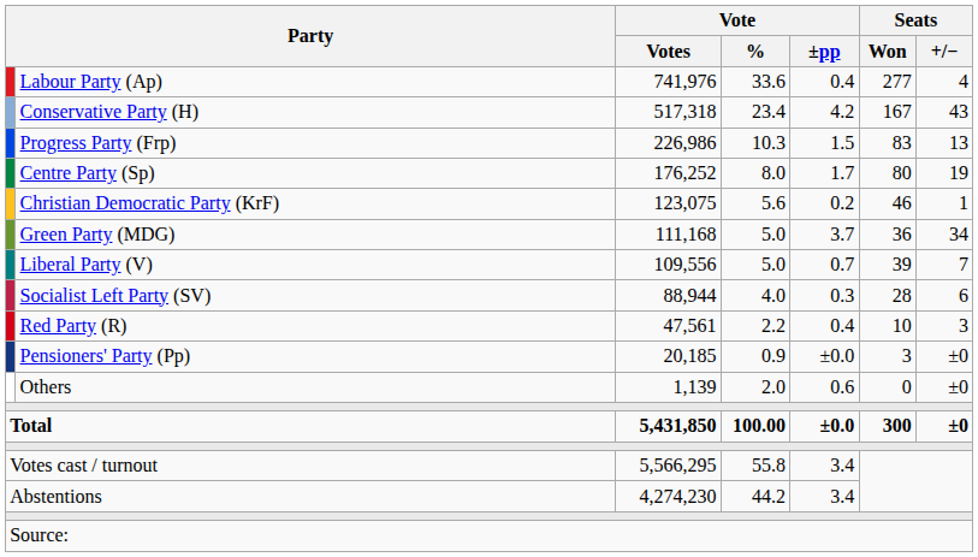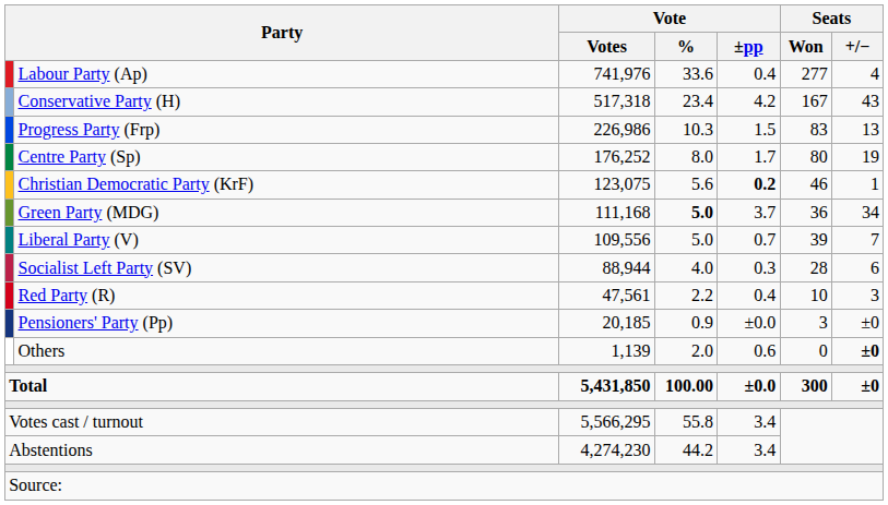 <table class="wikitable" style="text-align:right; font-size:100%;">
 <tr>
 <th align="left" rowspan="2" colspan="2" width="500">Party</th>
 <th colspan="3">Vote</th>
 <th colspan="2">Seats</th>
 </tr>
 <tr>
 <th width="80">Votes</th>
 <th width="50">%</th>
 <th width="50">±<a href='#'>pp</a></th>
 <th width="40">Won</th>
 <th width="40">+/−</th>
 </tr>
 <tr>
 <td width="1" style="color:inherit;background:#df1a22"></td>
 <td align="left"><a href='#'>Labour Party</a> (Ap)</td>
 <td>741,976</td>
 <td>33.6</td>
 <td>0.4</td>
 <td>277</td>
 <td>4</td>
 </tr>
 <tr>
 <td style="color:inherit;background:#87add7"></td>
 <td align="left"><a href='#'>Conservative Party</a> (H)</td>
 <td>517,318</td>
 <td>23.4</td>
 <td>4.2</td>
 <td>167</td>
 <td>43</td>
 </tr>
 <tr>
 <td style="color:inherit;background:#0047e0"></td>
 <td align="left"><a href='#'>Progress Party</a> (Frp)</td>
 <td>226,986</td>
 <td>10.3</td>
 <td>1.5</td>
 <td>83</td>
 <td>13</td>
 </tr>
 <tr>
 <td style="color:inherit;background:#008542"></td>
 <td align="left"><a href='#'>Centre Party</a> (Sp)</td>
 <td>176,252</td>
 <td>8.0</td>
 <td>1.7</td>
 <td>80</td>
 <td>19</td>
 </tr>
 <tr>
 <td style="color:inherit;background:#fec11e"></td>
 <td align="left"><a href='#'>Christian Democratic Party</a> (KrF)</td>
 <td>123,075</td>
 <td>5.6</td>
-<td>0.2</td>
+<td><strong>0.2</strong></td>
 <td>46</td>
 <td>1</td>
 </tr>
 <tr>
 <td style="color:inherit;background:#67962e"></td>
 <td align="left"><a href='#'>Green Party</a> (MDG)</td>
 <td>111,168</td>
-<td>5.0</td>
+<td><strong>5.0</strong></td>
 <td>3.7</td>
 <td>36</td>
 <td>34</td>
 </tr>
 <tr>
 <td style="color:inherit;background:#008080"></td>
 <td align="left"><a href='#'>Liberal Party</a> (V)</td>
 <td>109,556</td>
 <td>5.0</td>
 <td>0.7</td>
 <td>39</td>
 <td>7</td>
 </tr>
 <tr>
 <td style="color:inherit;background:#bc2149"></td>
 <td align="left"><a href='#'>Socialist Left Party</a> (SV)</td>
 <td>88,944</td>
 <td>4.0</td>
 <td>0.3</td>
 <td>28</td>
 <td>6</td>
 </tr>
 <tr>
 <td style="color:inherit;background:#d4001a"></td>
 <td align="left"><a href='#'>Red Party</a> (R)</td>
 <td>47,561</td>
 <td>2.2</td>
 <td>0.4</td>
 <td>10</td>
 <td>3</td>
 </tr>
 <tr>
 <td style="color:inherit;background:#15357e"></td>
 <td align="left"><a href='#'>Pensioners' Party</a> (Pp)</td>
 <td>20,185</td>
 <td>0.9</td>
 <td>±0.0</td>
 <td>3</td>
 <td>±0</td>
 </tr>
 <tr>
 <td bgcolor="white"></td>
 <td align="left">Others</td>
 <td>1,139</td>
 <td>2.0</td>
 <td>0.6</td>
 <td>0</td>
-<td>±0</td>
+<td><strong>±0</strong></td>
 </tr>
 <tr>
 <td colspan="7" bgcolor="#E9E9E9"></td>
 </tr>
 <tr style="font-weight:bold;">
 <td align="left" colspan="2">Total</td>
 <td>5,431,850</td>
 <td>100.00</td>
 <td>±0.0</td>
 <td>300</td>
 <td>±0</td>
 </tr>
 <tr>
 <td colspan="7" bgcolor="#E9E9E9"></td>
 </tr>
 <tr>
 <td align="left" colspan="2">Votes cast / turnout</td>
 <td>5,566,295</td>
 <td>55.8</td>
 <td>3.4</td>
 </tr>
 <tr>
 <td align="left" colspan="2">Abstentions</td>
 <td>4,274,230</td>
 <td>44.2</td>
 <td>3.4</td>
 </tr>
 <tr style="font-weight:bold;">
 <td colspan="7" bgcolor="#E9E9E9"></td>
 </tr>
 <tr>
 <td align="left" colspan="7">Source: </td>
 </tr>
 </table>
